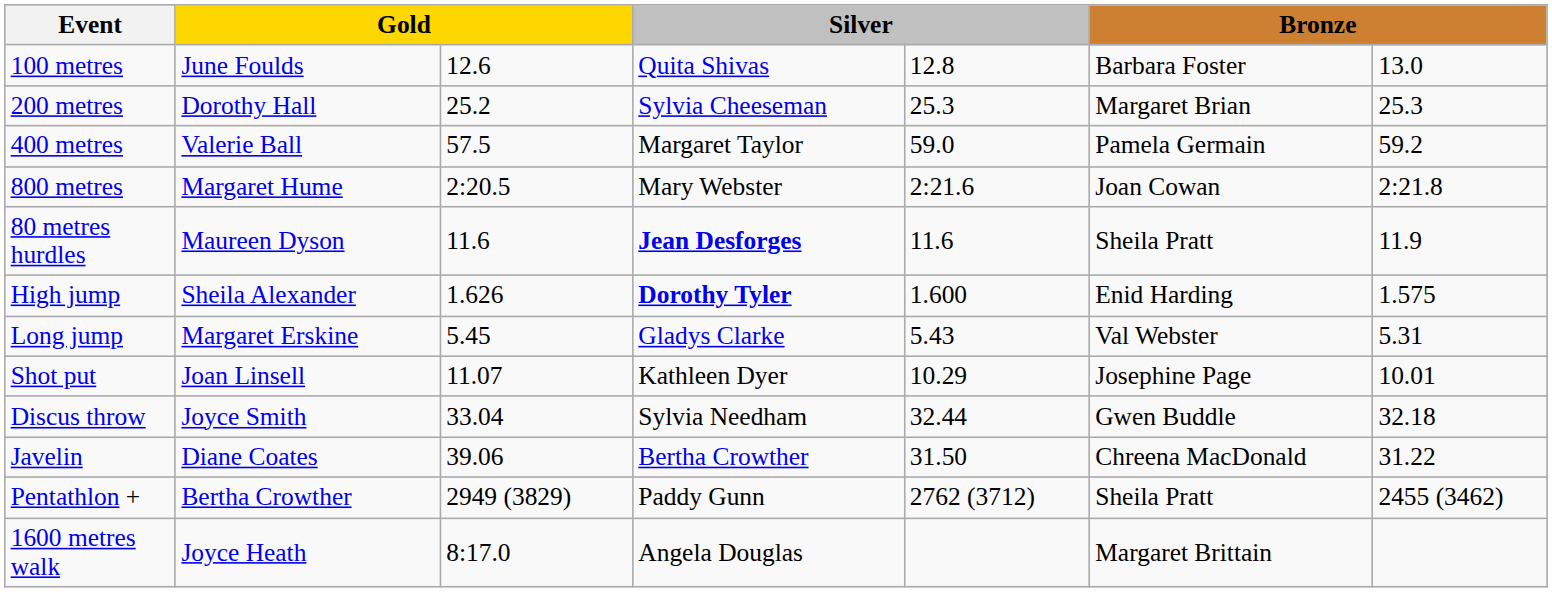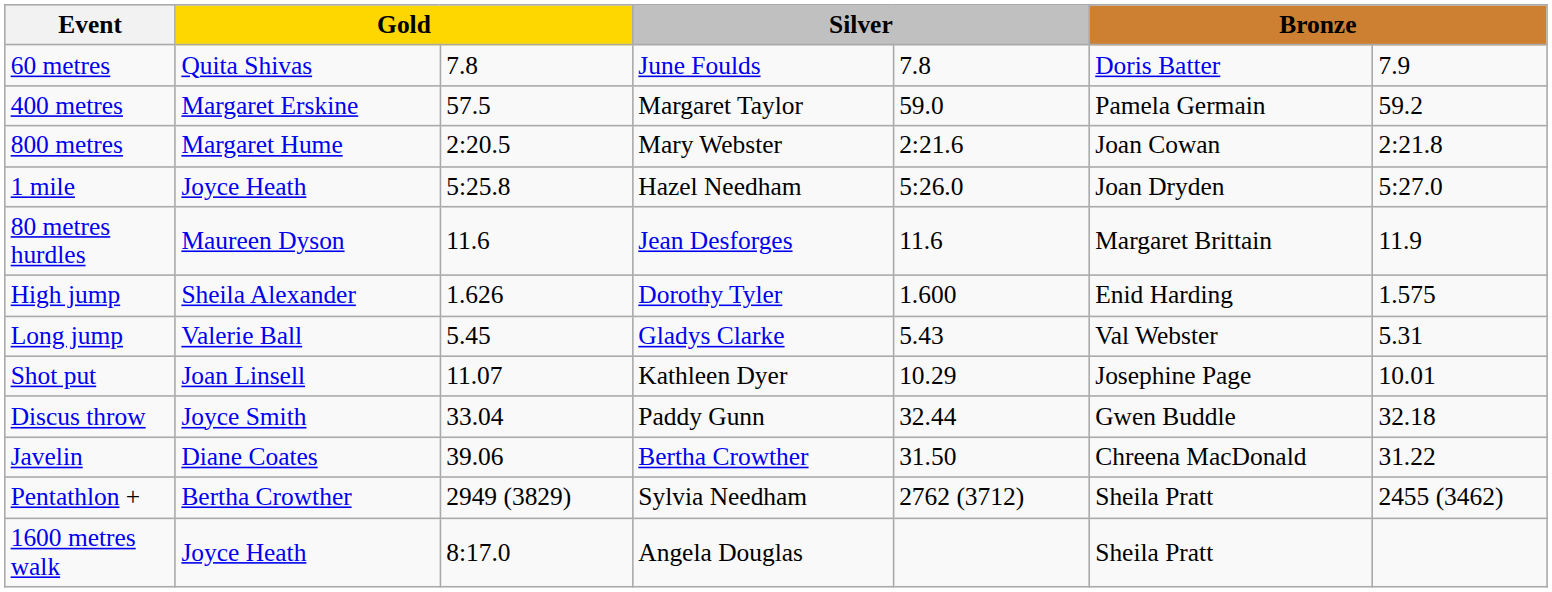 <table class="wikitable" style="text-align:left">
 <tr>
 <th width=100>Event</th>
 <th colspan="2" width="280" style="background:gold;">Gold</th>
 <th colspan="2" width="280" style="background:silver;">Silver</th>
 <th colspan="2" width="280" style="background:#CD7F32;">Bronze</th>
 </tr>
 <tr>
-<td><a href='#'>100 metres</a></td>
+<td><a href='#'>60 metres</a></td>
+<td> <a href='#'>Quita Shivas</a></td>
+<td>7.8</td>
 <td><a href='#'>June Foulds</a></td>
-<td>12.6</td>
-<td> <a href='#'>Quita Shivas</a></td>
-<td>12.8</td>
-<td>Barbara Foster</td>
-<td>13.0</td>
-</tr>
-<tr>
-<td><a href='#'>200 metres</a></td>
-<td><a href='#'>Dorothy Hall</a></td>
-<td>25.2</td>
-<td><a href='#'>Sylvia Cheeseman</a></td>
-<td>25.3</td>
-<td>Margaret Brian</td>
-<td>25.3</td>
+<td>7.8</td>
+<td><a href='#'>Doris Batter</a></td>
+<td>7.9</td>
 </tr>
 <tr>
 <td><a href='#'>400 metres</a></td>
-<td><a href='#'>Valerie Ball</a></td>
+<td> <a href='#'>Margaret Erskine</a></td>
 <td>57.5</td>
 <td>Margaret Taylor</td>
 <td>59.0</td>
 <td>Pamela Germain</td>
 <td>59.2</td>
 </tr>
 <tr>
 <td><a href='#'>800 metres</a></td>
 <td><a href='#'>Margaret Hume</a></td>
 <td>2:20.5</td>
 <td>Mary Webster</td>
 <td>2:21.6</td>
 <td>Joan Cowan</td>
 <td>2:21.8</td>
 </tr>
 <tr>
+<td><a href='#'>1 mile</a></td>
+<td><a href='#'>Joyce Heath</a></td>
+<td>5:25.8</td>
+<td>Hazel Needham</td>
+<td>5:26.0</td>
+<td>Joan Dryden</td>
+<td>5:27.0</td>
+</tr>
+<tr>
 <td><a href='#'>80 metres hurdles</a></td>
 <td><a href='#'>Maureen Dyson</a></td>
 <td>11.6</td>
-<td><strong><a href='#'>Jean Desforges</a></strong></td>
+<td><a href='#'>Jean Desforges</a></td>
 <td>11.6</td>
-<td>Sheila Pratt</td>
+<td>Margaret Brittain</td>
 <td>11.9</td>
 </tr>
 <tr>
 <td><a href='#'>High jump</a></td>
 <td><a href='#'>Sheila Alexander</a></td>
 <td>1.626</td>
-<td><strong><a href='#'>Dorothy Tyler</a></strong></td>
+<td><a href='#'>Dorothy Tyler</a></td>
 <td>1.600</td>
 <td>Enid Harding</td>
 <td>1.575</td>
 </tr>
 <tr>
 <td><a href='#'>Long jump</a></td>
-<td> <a href='#'>Margaret Erskine</a></td>
+<td><a href='#'>Valerie Ball</a></td>
 <td>5.45</td>
 <td><a href='#'>Gladys Clarke</a></td>
 <td>5.43</td>
 <td>Val Webster</td>
 <td>5.31</td>
 </tr>
 <tr>
 <td><a href='#'>Shot put</a></td>
 <td><a href='#'>Joan Linsell</a></td>
 <td>11.07</td>
 <td>Kathleen Dyer</td>
 <td>10.29</td>
 <td>Josephine Page</td>
 <td>10.01</td>
 </tr>
 <tr>
 <td><a href='#'>Discus throw</a></td>
 <td><a href='#'>Joyce Smith</a></td>
 <td>33.04</td>
-<td>Sylvia Needham</td>
+<td>Paddy Gunn</td>
 <td>32.44</td>
 <td>Gwen Buddle</td>
 <td>32.18</td>
 </tr>
 <tr>
 <td><a href='#'>Javelin</a></td>
 <td><a href='#'>Diane Coates</a></td>
 <td>39.06</td>
 <td><a href='#'>Bertha Crowther</a></td>
 <td>31.50</td>
 <td>Chreena MacDonald</td>
 <td>31.22</td>
 </tr>
 <tr>
 <td><a href='#'>Pentathlon</a> +</td>
 <td><a href='#'>Bertha Crowther</a></td>
 <td>2949 (3829)</td>
-<td>Paddy Gunn</td>
+<td>Sylvia Needham</td>
 <td>2762 (3712)</td>
 <td>Sheila Pratt</td>
 <td>2455 (3462)</td>
 </tr>
 <tr>
 <td><a href='#'>1600 metres walk</a></td>
 <td><a href='#'>Joyce Heath</a></td>
 <td>8:17.0</td>
 <td>Angela Douglas</td>
 <td></td>
-<td>Margaret Brittain</td>
+<td>Sheila Pratt</td>
 <td></td>
 </tr>
 </table>
